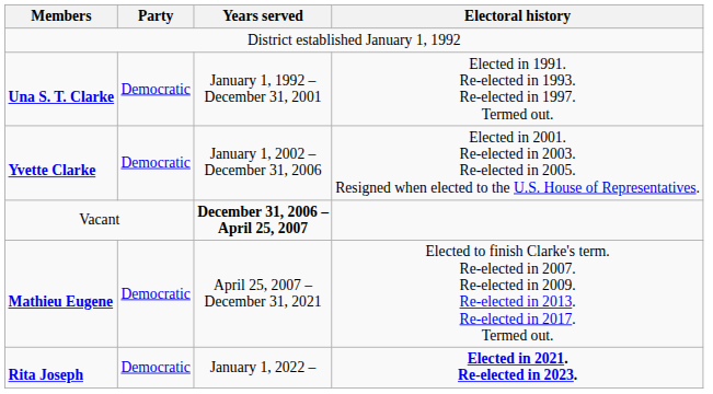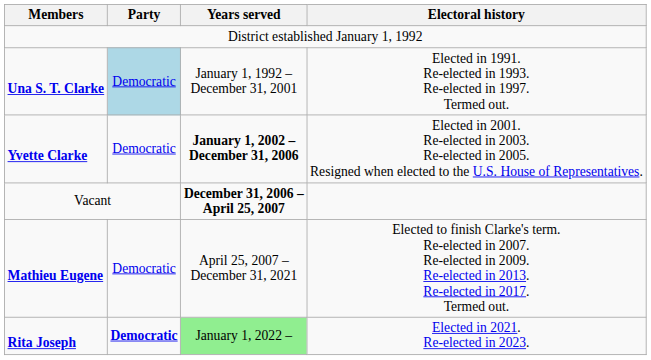 <table class=wikitable style="text-align:center">
 <tr>
 <th>Members</th>
 <th>Party</th>
 <th>Years served</th>
 <th>Electoral history</th>
 </tr>
 <tr>
 <td colspan=5>District established January 1, 1992</td>
 </tr>
 <tr>
 <td align=left><br><strong><a href='#'>Una S. T. Clarke</a></strong> <br> </td>
-<td><a href='#'>Democratic</a></td>
+<td style="background: lightblue;"><a href='#'>Democratic</a></td>
 <td>January 1, 1992 – <br> December 31, 2001</td>
 <td>Elected in 1991. <br> Re-elected in 1993. <br> Re-elected in 1997. <br> Termed out.</td>
 </tr>
 <tr>
 <td align=left><br><strong><a href='#'>Yvette Clarke</a></strong> <br> </td>
 <td><a href='#'>Democratic</a></td>
-<td>January 1, 2002 – <br> December 31, 2006</td>
+<td><strong>January 1, 2002 – <br> December 31, 2006</strong></td>
 <td>Elected in 2001. <br> Re-elected in 2003. <br> Re-elected in 2005. <br> Resigned when elected to the <a href='#'>U.S. House of Representatives</a>.</td>
 </tr>
 <tr>
 <td colspan=2>Vacant</td>
 <td><strong>December 31, 2006 – <br> April 25, 2007</strong></td>
 </tr>
 <tr>
 <td align=left><br><strong><a href='#'>Mathieu Eugene</a></strong> <br> </td>
 <td><a href='#'>Democratic</a></td>
 <td>April 25, 2007 – <br> December 31, 2021</td>
 <td>Elected to finish Clarke's term. <br> Re-elected in 2007. <br> Re-elected in 2009. <br> <a href='#'>Re-elected in 2013</a>. <br> <a href='#'>Re-elected in 2017</a>. <br> Termed out.</td>
 </tr>
 <tr>
 <td align=left><br><strong><a href='#'>Rita Joseph</a></strong><br></td>
-<td><a href='#'>Democratic</a></td>
-<td>January 1, 2022 – <br></td>
-<td><strong><a href='#'>Elected in 2021</a>. <br> <a href='#'>Re-elected in 2023</a>.</strong></td>
+<td><strong><a href='#'>Democratic</a></strong></td>
+<td style="background: lightgreen;">January 1, 2022 – <br></td>
+<td><a href='#'>Elected in 2021</a>. <br> <a href='#'>Re-elected in 2023</a>.</td>
 </tr>
 </table>
